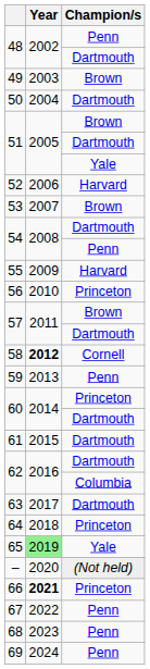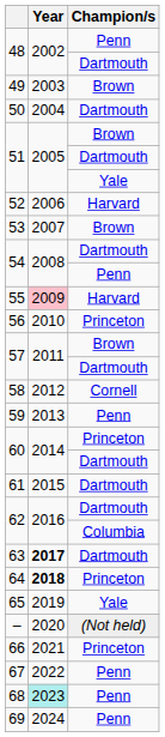 <table class="wikitable sortable" style="text-align:center">
 <tr>
 <th></th>
 <th>Year</th>
 <th>Champion/s</th>
 </tr>
 <tr>
 <td rowspan=2>48</td>
 <td rowspan=2>2002</td>
 <td><a href='#'>Penn</a>  </td>
 </tr>
 <tr>
 <td><a href='#'>Dartmouth</a> </td>
 </tr>
 <tr>
 <td>49</td>
 <td>2003</td>
 <td><a href='#'>Brown</a> </td>
 </tr>
 <tr>
 <td>50</td>
 <td>2004</td>
 <td><a href='#'>Dartmouth</a> </td>
 </tr>
 <tr>
 <td rowspan=3>51</td>
 <td rowspan=3>2005</td>
 <td><a href='#'>Brown</a>  </td>
 </tr>
 <tr>
 <td><a href='#'>Dartmouth</a>  </td>
 </tr>
 <tr>
 <td><a href='#'>Yale</a>  </td>
 </tr>
 <tr>
 <td>52</td>
 <td>2006</td>
 <td><a href='#'>Harvard</a> </td>
 </tr>
 <tr>
 <td>53</td>
 <td>2007</td>
 <td><a href='#'>Brown</a>  </td>
 </tr>
 <tr>
 <td rowspan=2>54</td>
 <td rowspan=2>2008</td>
 <td><a href='#'>Dartmouth</a>  </td>
 </tr>
 <tr>
 <td><a href='#'>Penn</a>  </td>
 </tr>
 <tr>
 <td>55</td>
-<td>2009</td>
+<td style="background: pink;">2009</td>
 <td><a href='#'>Harvard</a> </td>
 </tr>
 <tr>
 <td>56</td>
 <td>2010</td>
 <td><a href='#'>Princeton</a> </td>
 </tr>
 <tr>
 <td rowspan=2>57</td>
 <td rowspan=2>2011</td>
 <td><a href='#'>Brown</a>  </td>
 </tr>
 <tr>
 <td><a href='#'>Dartmouth</a>  </td>
 </tr>
 <tr>
 <td>58</td>
-<td><strong>2012</strong></td>
+<td>2012</td>
 <td><a href='#'>Cornell</a> </td>
 </tr>
 <tr>
 <td>59</td>
 <td>2013</td>
 <td><a href='#'>Penn</a> </td>
 </tr>
 <tr>
 <td rowspan=2>60</td>
 <td rowspan=2>2014</td>
 <td><a href='#'>Princeton</a>  </td>
 </tr>
 <tr>
 <td><a href='#'>Dartmouth</a>  </td>
 </tr>
 <tr>
 <td>61</td>
 <td>2015</td>
 <td><a href='#'>Dartmouth</a> </td>
 </tr>
 <tr>
 <td rowspan=2>62</td>
 <td rowspan=2>2016</td>
 <td><a href='#'>Dartmouth</a>  </td>
 </tr>
 <tr>
 <td><a href='#'>Columbia</a>  </td>
 </tr>
 <tr>
 <td>63</td>
-<td>2017</td>
+<td><strong>2017</strong></td>
 <td><a href='#'>Dartmouth</a> </td>
 </tr>
 <tr>
 <td>64</td>
-<td>2018</td>
+<td><strong>2018</strong></td>
 <td><a href='#'>Princeton</a> </td>
 </tr>
 <tr>
 <td>65</td>
-<td style="background: lightgreen;">2019</td>
+<td>2019</td>
 <td><a href='#'>Yale</a> </td>
 </tr>
 <tr>
 <td>–</td>
 <td>2020</td>
 <td style = background:#efefef><em>(Not held)</em> </td>
 </tr>
 <tr>
 <td>66</td>
-<td><strong>2021</strong></td>
+<td>2021</td>
 <td><a href='#'>Princeton</a> </td>
 </tr>
 <tr>
 <td>67</td>
 <td>2022</td>
 <td><a href='#'>Penn</a> </td>
 </tr>
 <tr>
 <td>68</td>
-<td>2023</td>
+<td style="background: paleturquoise;">2023</td>
 <td><a href='#'>Penn</a> </td>
 </tr>
 <tr>
 <td>69</td>
 <td>2024</td>
 <td><a href='#'>Penn</a> </td>
 </tr>
 </table>
